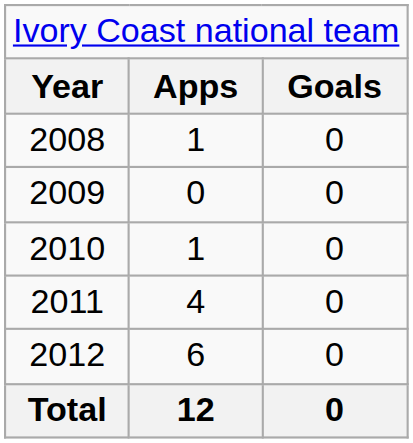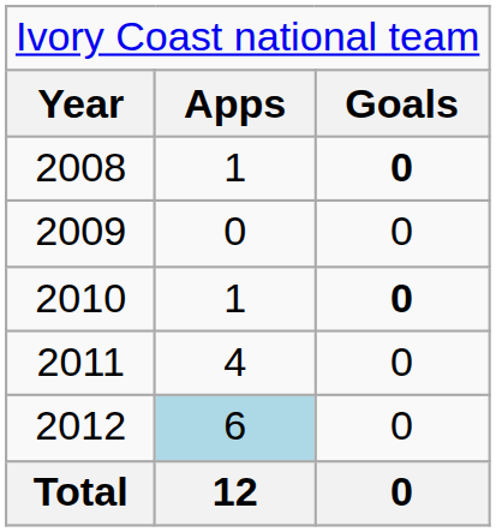 <table class="wikitable" style="text-align:center">
 <tr>
 <td colspan="3"><a href='#'>Ivory Coast national team</a></td>
 </tr>
 <tr>
 <th>Year</th>
 <th>Apps</th>
 <th>Goals</th>
 </tr>
 <tr>
 <td>2008</td>
 <td>1</td>
-<td>0</td>
+<td><strong>0</strong></td>
 </tr>
 <tr>
 <td>2009</td>
 <td>0</td>
 <td>0</td>
 </tr>
 <tr>
 <td>2010</td>
 <td>1</td>
-<td>0</td>
+<td><strong>0</strong></td>
 </tr>
 <tr>
 <td>2011</td>
 <td>4</td>
 <td>0</td>
 </tr>
 <tr>
 <td>2012</td>
-<td>6</td>
+<td style="background: lightblue;">6</td>
 <td>0</td>
 </tr>
 <tr>
 <th>Total</th>
 <th>12</th>
 <th>0</th>
 </tr>
 </table>
